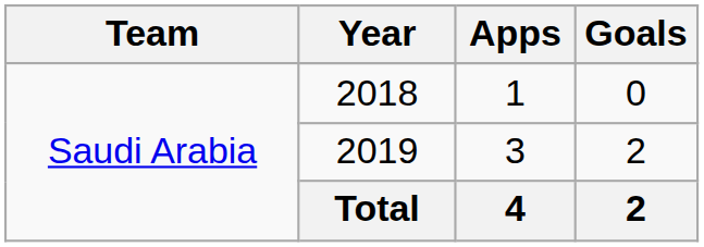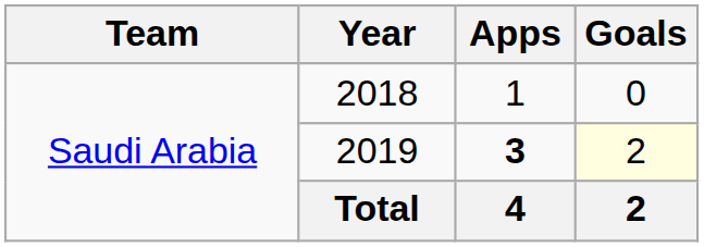 <table class="wikitable" style="text-align: center;">
 <tr>
 <th width="120">Team</th>
 <th width="60">Year</th>
 <th width="45">Apps</th>
 <th width="45">Goals</th>
 </tr>
 <tr>
 <td rowspan=10><a href='#'>Saudi Arabia</a></td>
 </tr>
 <tr>
 <td>2018</td>
 <td>1</td>
 <td>0</td>
 </tr>
 <tr>
 <td>2019</td>
-<td>3</td>
-<td>2</td>
+<td><strong>3</strong></td>
+<td style="background: lightyellow;">2</td>
 </tr>
 <tr>
 <th>Total</th>
 <th>4</th>
 <th>2</th>
 </tr>
 </table>
